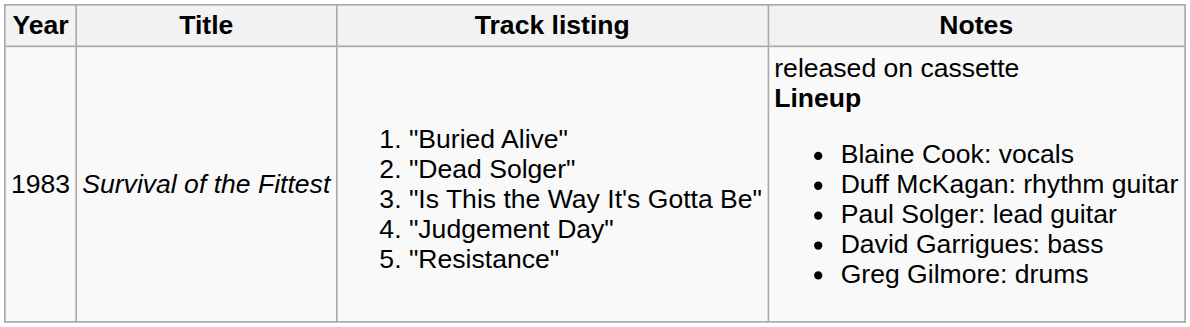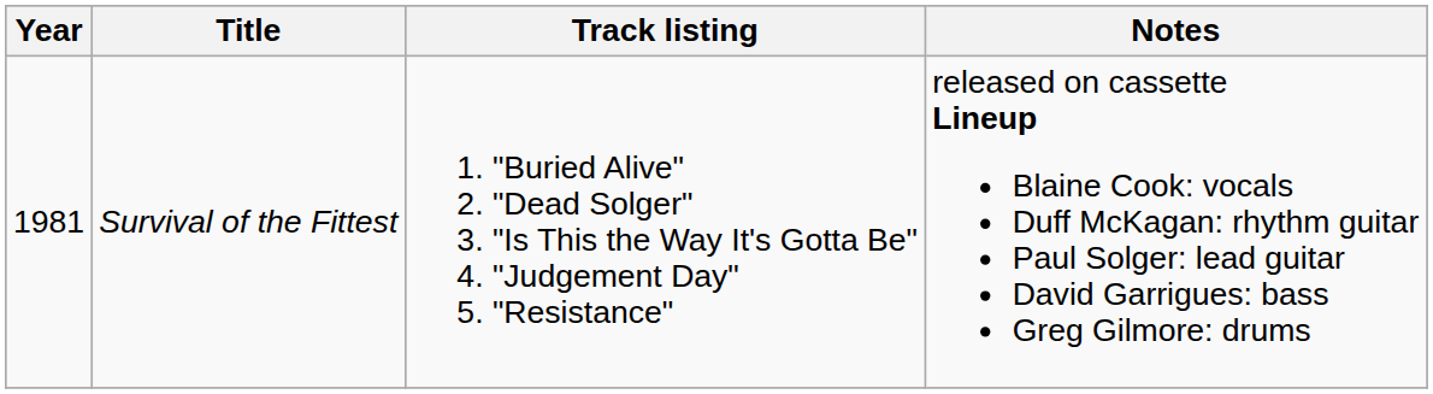 <table class="wikitable">
 <tr>
 <th>Year</th>
 <th>Title</th>
 <th>Track listing</th>
 <th>Notes</th>
 </tr>
 <tr>
-<td>1983</td>
+<td>1981</td>
 <td><em>Survival of the Fittest</em></td>
 <td><br><ol><li>"Buried Alive"</li><li>"Dead Solger"</li><li>"Is This the Way It's Gotta Be"</li><li>"Judgement Day"</li><li>"Resistance"</li></ol></td>
 <td>released on cassette<br><strong>Lineup</strong><ul><li>Blaine Cook: vocals</li><li>Duff McKagan: rhythm guitar</li><li>Paul Solger: lead guitar</li><li>David Garrigues: bass</li><li>Greg Gilmore: drums</li></ul></td>
 </tr>
 </table>
